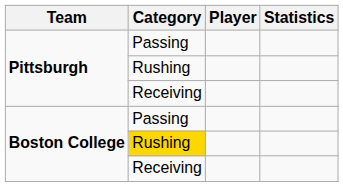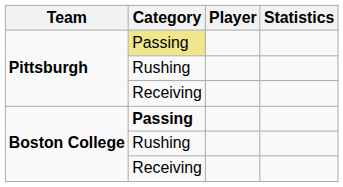 <table class="wikitable" style="float: right;">
 <tr>
 <th>Team</th>
 <th>Category</th>
 <th>Player</th>
 <th>Statistics</th>
 </tr>
 <tr>
 <td rowspan=3><strong>Pittsburgh</strong></td>
-<td>Passing</td>
+<td style="background: khaki;">Passing</td>
 <td></td>
 <td></td>
 </tr>
 <tr>
 <td>Rushing</td>
 <td></td>
 <td></td>
 </tr>
 <tr>
 <td>Receiving</td>
 <td></td>
 <td></td>
 </tr>
 <tr>
 <td rowspan=3><strong>Boston College</strong></td>
-<td>Passing</td>
+<td><strong>Passing</strong></td>
 <td></td>
 <td></td>
 </tr>
 <tr>
-<td style="background: gold;">Rushing</td>
+<td>Rushing</td>
 <td></td>
 <td></td>
 </tr>
 <tr>
 <td>Receiving</td>
 <td></td>
 <td></td>
 </tr>
 </table>
